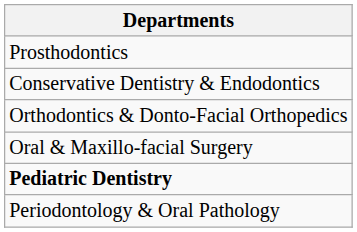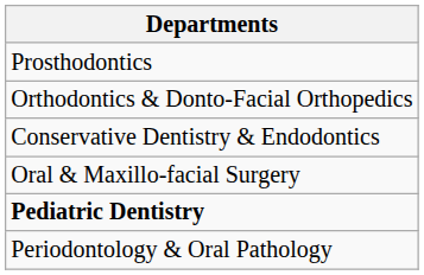 <table class="wikitable">
 <tr>
 <th>Departments</th>
 </tr>
 <tr>
 <td>Prosthodontics</td>
 </tr>
 <tr>
-<td>Conservative Dentistry & Endodontics</td>
+<td>Orthodontics & Donto-Facial Orthopedics</td>
 </tr>
 <tr>
-<td>Orthodontics & Donto-Facial Orthopedics</td>
+<td>Conservative Dentistry & Endodontics</td>
 </tr>
 <tr>
 <td>Oral & Maxillo-facial Surgery</td>
 </tr>
 <tr>
 <td><strong>Pediatric Dentistry</strong></td>
 </tr>
 <tr>
 <td>Periodontology & Oral Pathology</td>
 </tr>
 </table>
